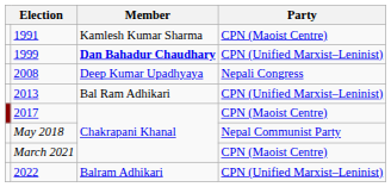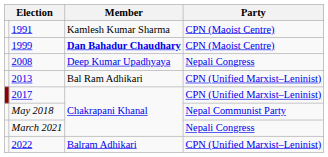 <table class="wikitable">
 <tr>
 <th colspan="2">Election</th>
 <th>Member</th>
 <th>Party</th>
 </tr>
 <tr>
 <td style="background-color:"></td>
 <td><a href='#'>1991</a></td>
 <td>Kamlesh Kumar Sharma</td>
 <td><a href='#'>CPN (Maoist Centre)</a></td>
 </tr>
 <tr>
 <td style="background-color:"></td>
 <td><a href='#'>1999</a></td>
 <td><strong><a href='#'>Dan Bahadur Chaudhary</a></strong></td>
-<td><a href='#'>CPN (Unified Marxist–Leninist)</a></td>
+<td><a href='#'>CPN (Maoist Centre)</a></td>
 </tr>
 <tr>
 <td style="background-color:"></td>
 <td><a href='#'>2008</a></td>
 <td><a href='#'>Deep Kumar Upadhyaya</a></td>
 <td><a href='#'>Nepali Congress</a></td>
 </tr>
 <tr>
 <td style="background-color:"></td>
 <td><a href='#'>2013</a></td>
 <td>Bal Ram Adhikari</td>
 <td><a href='#'>CPN (Unified Marxist–Leninist)</a></td>
 </tr>
 <tr>
 <td style="background-color:darkred"></td>
 <td><a href='#'>2017</a></td>
 <td rowspan="3"><a href='#'>Chakrapani Khanal</a></td>
-<td><a href='#'>CPN (Maoist Centre)</a></td>
+<td><a href='#'>CPN (Unified Marxist–Leninist)</a></td>
 </tr>
 <tr>
 <td style="background-color:"></td>
 <td><em>May 2018</em></td>
 <td><a href='#'>Nepal Communist Party</a></td>
 </tr>
 <tr>
 <td></td>
 <td><em>March 2021</em></td>
-<td><a href='#'>CPN (Maoist Centre)</a></td>
+<td><a href='#'>Nepali Congress</a></td>
 </tr>
 <tr>
 <td style="background-color:"></td>
 <td><a href='#'>2022</a></td>
 <td><a href='#'>Balram Adhikari</a></td>
 <td><a href='#'>CPN (Unified Marxist–Leninist)</a></td>
 </tr>
 </table>
